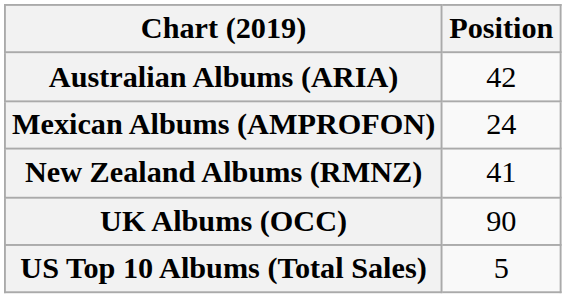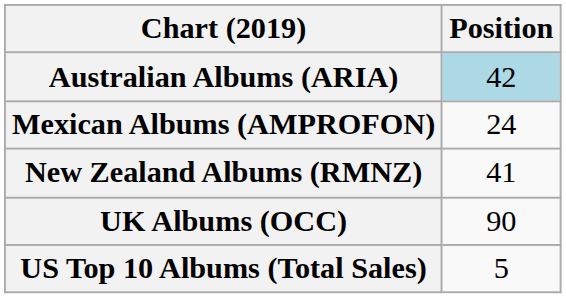 <table class="wikitable sortable plainrowheaders" style="text-align:center">
 <tr>
 <th scope="col">Chart (2019)</th>
 <th scope="col">Position</th>
 </tr>
 <tr>
 <th scope="row">Australian Albums (ARIA)</th>
-<td>42</td>
+<td style="background: lightblue;">42</td>
 </tr>
 <tr>
 <th scope="row">Mexican Albums (AMPROFON)</th>
 <td>24</td>
 </tr>
 <tr>
 <th scope="row">New Zealand Albums (RMNZ)</th>
 <td>41</td>
 </tr>
 <tr>
 <th scope="row">UK Albums (OCC)</th>
 <td>90</td>
 </tr>
 <tr>
 <th scope="row">US Top 10 Albums (Total Sales)</th>
 <td>5</td>
 </tr>
 </table>
